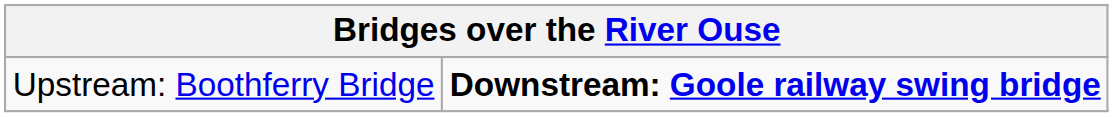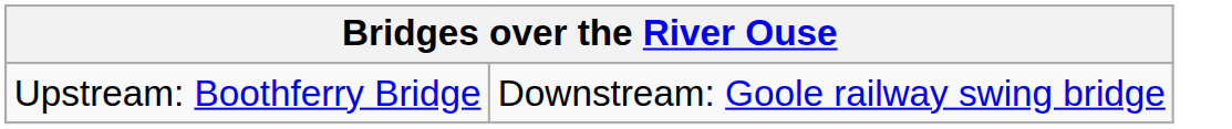 <table class="wikitable">
 <tr>
 <th colspan=2>Bridges over the <a href='#'>River Ouse</a></th>
 </tr>
 <tr>
 <td>Upstream: <a href='#'>Boothferry Bridge</a></td>
-<td><strong>Downstream: <a href='#'>Goole railway swing bridge</a></strong></td>
+<td>Downstream: <a href='#'>Goole railway swing bridge</a></td>
 </tr>
 </table>
